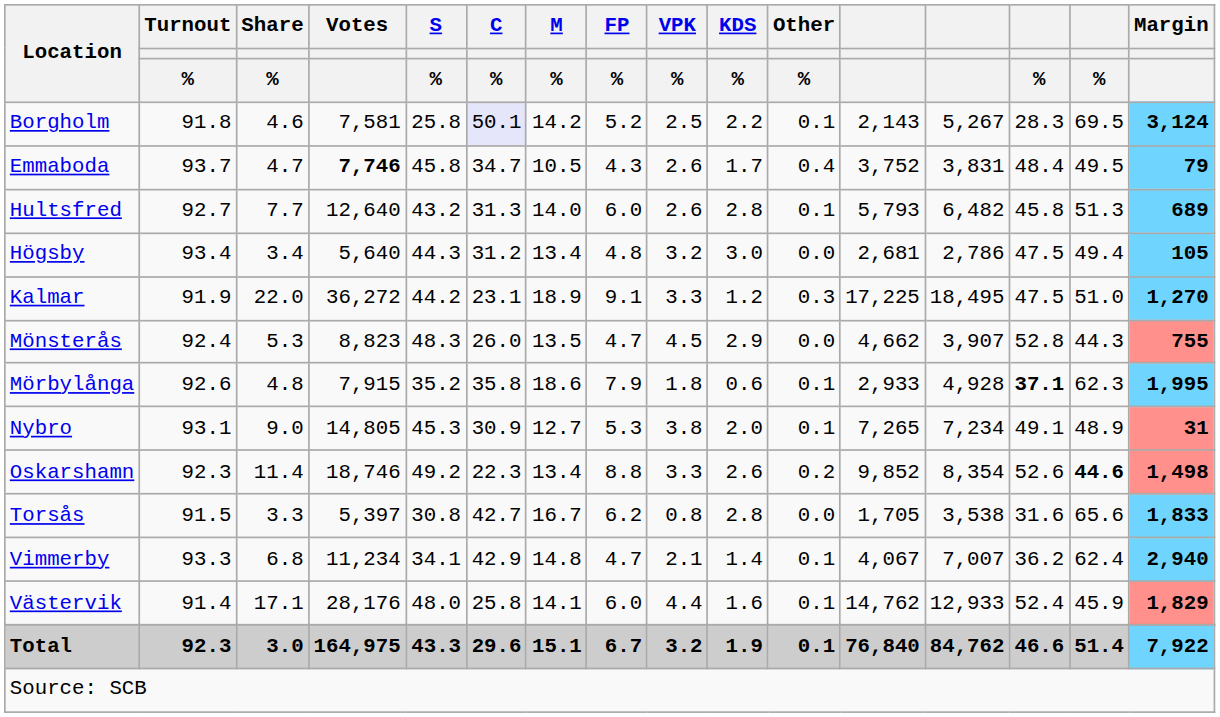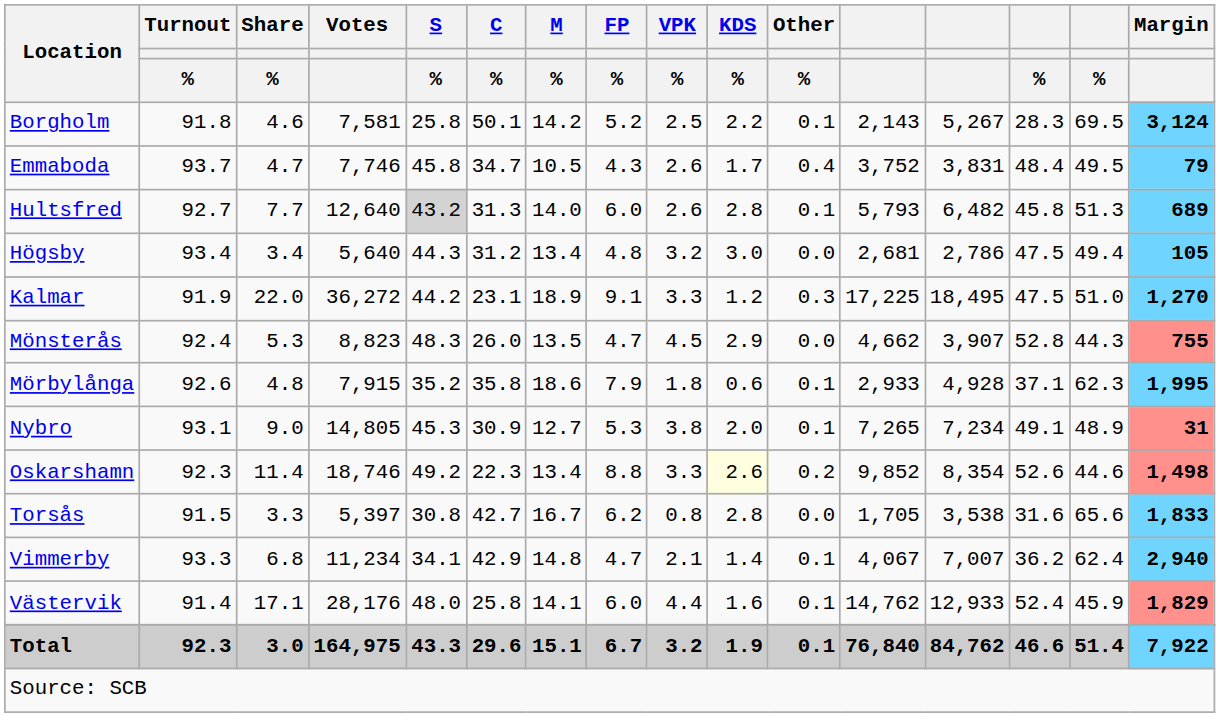 <table class="wikitable sortable" style="text-align:right; font-size:95%; line-height:20px;">
 <tr>
 <th rowspan="3">Location</th>
 <th>Turnout</th>
 <th>Share</th>
 <th>Votes</th>
 <th width="30px" class="unsortable"><a href='#'>S</a></th>
 <th width="30px" class="unsortable"><a href='#'>C</a></th>
 <th width="30px" class="unsortable"><a href='#'>M</a></th>
 <th width="30px" class="unsortable"><a href='#'>FP</a></th>
 <th width="30px" class="unsortable"><a href='#'>VPK</a></th>
 <th width="30px" class="unsortable"><a href='#'>KDS</a></th>
 <th width="30px" class="unsortable">Other</th>
 <th></th>
 <th></th>
 <th></th>
 <th></th>
 <th>Margin</th>
 </tr>
 <tr>
 <th></th>
 <th></th>
 <th></th>
 <th style="background:"></th>
 <th style="background:"></th>
 <th style="background:"></th>
 <th style="background:"></th>
 <th style="background:"></th>
 <th style="background:"></th>
 <th style="background:"></th>
 <th style="background:"></th>
 <th style="background:"></th>
 <th style="background:"></th>
 <th style="background:"></th>
 <th></th>
 </tr>
 <tr>
 <th data-sort-type="number">%</th>
 <th data-sort-type="number">%</th>
 <th></th>
 <th data-sort-type="number">%</th>
 <th data-sort-type="number">%</th>
 <th data-sort-type="number">%</th>
 <th data-sort-type="number">%</th>
 <th data-sort-type="number">%</th>
 <th data-sort-type="number">%</th>
 <th data-sort-type="number">%</th>
 <th data-sort-type="number"></th>
 <th data-sort-type="number"></th>
 <th data-sort-type="number">%</th>
 <th data-sort-type="number">%</th>
 <th data-sort-type="number"></th>
 </tr>
 <tr>
 <td align=left><a href='#'>Borgholm</a></td>
 <td>91.8</td>
 <td>4.6</td>
 <td>7,581</td>
 <td>25.8</td>
-<td style="background: lavender;">50.1</td>
+<td>50.1</td>
 <td>14.2</td>
 <td>5.2</td>
 <td>2.5</td>
 <td>2.2</td>
 <td>0.1</td>
 <td>2,143</td>
 <td>5,267</td>
 <td>28.3</td>
 <td>69.5</td>
 <td bgcolor=#6fd5fe><strong>3,124</strong></td>
 </tr>
 <tr>
 <td align=left><a href='#'>Emmaboda</a></td>
 <td>93.7</td>
 <td>4.7</td>
-<td><strong>7,746</strong></td>
+<td>7,746</td>
 <td>45.8</td>
 <td>34.7</td>
 <td>10.5</td>
 <td>4.3</td>
 <td>2.6</td>
 <td>1.7</td>
 <td>0.4</td>
 <td>3,752</td>
 <td>3,831</td>
 <td>48.4</td>
 <td>49.5</td>
 <td bgcolor=#6fd5fe><strong>79</strong></td>
 </tr>
 <tr>
 <td align=left><a href='#'>Hultsfred</a></td>
 <td>92.7</td>
 <td>7.7</td>
 <td>12,640</td>
-<td>43.2</td>
+<td style="background: lightgrey;">43.2</td>
 <td>31.3</td>
 <td>14.0</td>
 <td>6.0</td>
 <td>2.6</td>
 <td>2.8</td>
 <td>0.1</td>
 <td>5,793</td>
 <td>6,482</td>
 <td>45.8</td>
 <td>51.3</td>
 <td bgcolor=#6fd5fe><strong>689</strong></td>
 </tr>
 <tr>
 <td align=left><a href='#'>Högsby</a></td>
 <td>93.4</td>
 <td>3.4</td>
 <td>5,640</td>
 <td>44.3</td>
 <td>31.2</td>
 <td>13.4</td>
 <td>4.8</td>
 <td>3.2</td>
 <td>3.0</td>
 <td>0.0</td>
 <td>2,681</td>
 <td>2,786</td>
 <td>47.5</td>
 <td>49.4</td>
 <td bgcolor=#6fd5fe><strong>105</strong></td>
 </tr>
 <tr>
 <td align=left><a href='#'>Kalmar</a></td>
 <td>91.9</td>
 <td>22.0</td>
 <td>36,272</td>
 <td>44.2</td>
 <td>23.1</td>
 <td>18.9</td>
 <td>9.1</td>
 <td>3.3</td>
 <td>1.2</td>
 <td>0.3</td>
 <td>17,225</td>
 <td>18,495</td>
 <td>47.5</td>
 <td>51.0</td>
 <td bgcolor=#6fd5fe><strong>1,270</strong></td>
 </tr>
 <tr>
 <td align=left><a href='#'>Mönsterås</a></td>
 <td>92.4</td>
 <td>5.3</td>
 <td>8,823</td>
 <td>48.3</td>
 <td>26.0</td>
 <td>13.5</td>
 <td>4.7</td>
 <td>4.5</td>
 <td>2.9</td>
 <td>0.0</td>
 <td>4,662</td>
 <td>3,907</td>
 <td>52.8</td>
 <td>44.3</td>
 <td bgcolor=#ff908c><strong>755</strong></td>
 </tr>
 <tr>
 <td align=left><a href='#'>Mörbylånga</a></td>
 <td>92.6</td>
 <td>4.8</td>
 <td>7,915</td>
 <td>35.2</td>
 <td>35.8</td>
 <td>18.6</td>
 <td>7.9</td>
 <td>1.8</td>
 <td>0.6</td>
 <td>0.1</td>
 <td>2,933</td>
 <td>4,928</td>
-<td><strong>37.1</strong></td>
+<td>37.1</td>
 <td>62.3</td>
 <td bgcolor=#6fd5fe><strong>1,995</strong></td>
 </tr>
 <tr>
 <td align=left><a href='#'>Nybro</a></td>
 <td>93.1</td>
 <td>9.0</td>
 <td>14,805</td>
 <td>45.3</td>
 <td>30.9</td>
 <td>12.7</td>
 <td>5.3</td>
 <td>3.8</td>
 <td>2.0</td>
 <td>0.1</td>
 <td>7,265</td>
 <td>7,234</td>
 <td>49.1</td>
 <td>48.9</td>
 <td bgcolor=#ff908c><strong>31</strong></td>
 </tr>
 <tr>
 <td align=left><a href='#'>Oskarshamn</a></td>
 <td>92.3</td>
 <td>11.4</td>
 <td>18,746</td>
 <td>49.2</td>
 <td>22.3</td>
 <td>13.4</td>
 <td>8.8</td>
 <td>3.3</td>
-<td>2.6</td>
+<td style="background: lightyellow;">2.6</td>
 <td>0.2</td>
 <td>9,852</td>
 <td>8,354</td>
 <td>52.6</td>
-<td><strong>44.6</strong></td>
+<td>44.6</td>
 <td bgcolor=#ff908c><strong>1,498</strong></td>
 </tr>
 <tr>
 <td align=left><a href='#'>Torsås</a></td>
 <td>91.5</td>
 <td>3.3</td>
 <td>5,397</td>
 <td>30.8</td>
 <td>42.7</td>
 <td>16.7</td>
 <td>6.2</td>
 <td>0.8</td>
 <td>2.8</td>
 <td>0.0</td>
 <td>1,705</td>
 <td>3,538</td>
 <td>31.6</td>
 <td>65.6</td>
 <td bgcolor=#6fd5fe><strong>1,833</strong></td>
 </tr>
 <tr>
 <td align=left><a href='#'>Vimmerby</a></td>
 <td>93.3</td>
 <td>6.8</td>
 <td>11,234</td>
 <td>34.1</td>
 <td>42.9</td>
 <td>14.8</td>
 <td>4.7</td>
 <td>2.1</td>
 <td>1.4</td>
 <td>0.1</td>
 <td>4,067</td>
 <td>7,007</td>
 <td>36.2</td>
 <td>62.4</td>
 <td bgcolor=#6fd5fe><strong>2,940</strong></td>
 </tr>
 <tr>
 <td align=left><a href='#'>Västervik</a></td>
 <td>91.4</td>
 <td>17.1</td>
 <td>28,176</td>
 <td>48.0</td>
 <td>25.8</td>
 <td>14.1</td>
 <td>6.0</td>
 <td>4.4</td>
 <td>1.6</td>
 <td>0.1</td>
 <td>14,762</td>
 <td>12,933</td>
 <td>52.4</td>
 <td>45.9</td>
 <td bgcolor=#ff908c><strong>1,829</strong></td>
 </tr>
 <tr>
 </tr>
 <tr style="background:#CDCDCD;">
 <td align=left><strong>Total</strong></td>
 <td><strong>92.3</strong></td>
 <td><strong>3.0</strong></td>
 <td><strong>164,975</strong></td>
 <td><strong>43.3</strong></td>
 <td><strong>29.6</strong></td>
 <td><strong>15.1</strong></td>
 <td><strong>6.7</strong></td>
 <td><strong>3.2</strong></td>
 <td><strong>1.9</strong></td>
 <td><strong>0.1</strong></td>
 <td><strong>76,840</strong></td>
 <td><strong>84,762</strong></td>
 <td><strong>46.6</strong></td>
 <td><strong>51.4</strong></td>
 <td bgcolor=#6fd5fe><strong>7,922</strong></td>
 </tr>
 <tr>
 <td align=left colspan=16>Source: SCB </td>
 </tr>
 </table>
